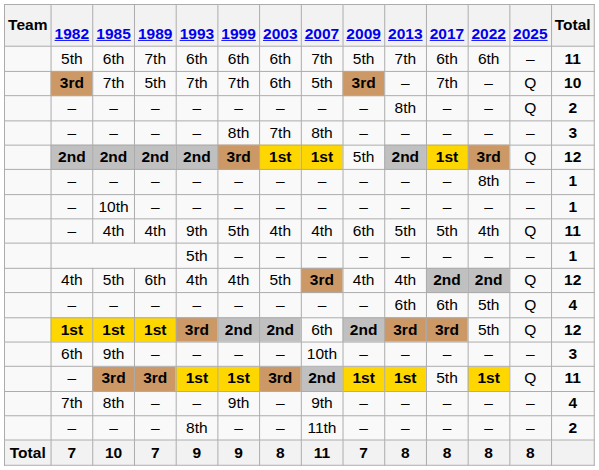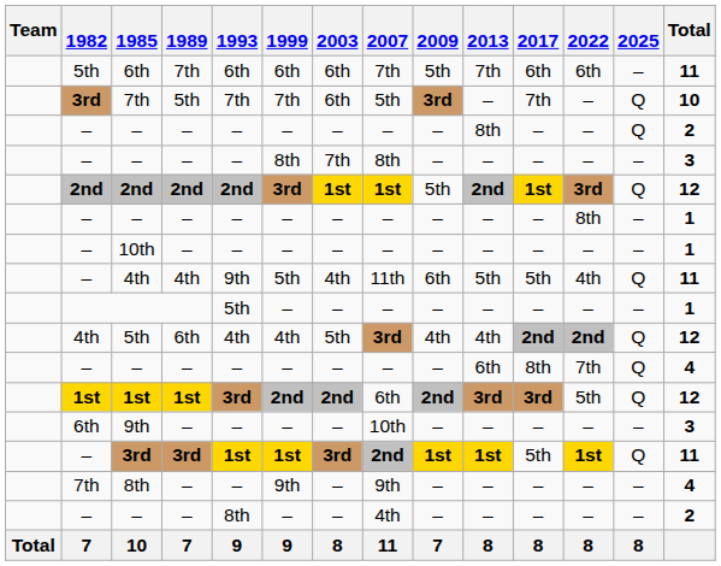 <table class="wikitable" style="text-align:center">
 <tr>
 <th>Team</th>
 <th><br><a href='#'>1982</a></th>
 <th><br><a href='#'>1985</a></th>
 <th><br><a href='#'>1989</a></th>
 <th><br><a href='#'>1993</a></th>
 <th><br><a href='#'>1999</a></th>
 <th><br><a href='#'>2003</a></th>
 <th><br><a href='#'>2007</a></th>
 <th><br><a href='#'>2009</a></th>
 <th><br><a href='#'>2013</a></th>
 <th><br><a href='#'>2017</a></th>
 <th><br><a href='#'>2022</a></th>
 <th><br><a href='#'>2025</a></th>
 <th>Total</th>
 </tr>
 <tr>
 <td align=left></td>
 <td>5th</td>
 <td>6th</td>
 <td>7th</td>
 <td>6th</td>
 <td>6th</td>
 <td>6th</td>
 <td>7th</td>
 <td>5th</td>
 <td>7th</td>
 <td>6th</td>
 <td>6th</td>
 <td>–</td>
 <td><strong>11</strong></td>
 </tr>
 <tr>
 <td align=left></td>
 <td bgcolor=cc9966><strong>3rd</strong></td>
 <td>7th</td>
 <td>5th</td>
 <td>7th</td>
 <td>7th</td>
 <td>6th</td>
 <td>5th</td>
 <td bgcolor=cc9966><strong>3rd</strong></td>
 <td>–</td>
 <td>7th</td>
 <td>–</td>
 <td>Q</td>
 <td><strong>10</strong></td>
 </tr>
 <tr>
 <td align=left></td>
 <td>–</td>
 <td>–</td>
 <td>–</td>
 <td>–</td>
 <td>–</td>
 <td>–</td>
 <td>–</td>
 <td>–</td>
 <td>8th</td>
 <td>–</td>
 <td>–</td>
 <td>Q</td>
 <td><strong>2</strong></td>
 </tr>
 <tr>
 <td align=left></td>
 <td>–</td>
 <td>–</td>
 <td>–</td>
 <td>–</td>
 <td>8th</td>
 <td>7th</td>
 <td>8th</td>
 <td>–</td>
 <td>–</td>
 <td>–</td>
 <td>–</td>
 <td>–</td>
 <td><strong>3</strong></td>
 </tr>
 <tr>
 <td align=left></td>
 <td bgcolor=silver><strong>2nd</strong></td>
 <td bgcolor=silver><strong>2nd</strong></td>
 <td bgcolor=silver><strong>2nd</strong></td>
 <td bgcolor=silver><strong>2nd</strong></td>
 <td bgcolor=cc9966><strong>3rd</strong></td>
 <td bgcolor=gold><strong>1st</strong></td>
 <td bgcolor=gold><strong>1st</strong></td>
 <td>5th</td>
 <td bgcolor=silver><strong>2nd</strong></td>
 <td bgcolor=gold><strong>1st</strong></td>
 <td bgcolor=cc9966><strong>3rd</strong></td>
 <td>Q</td>
 <td><strong>12</strong></td>
 </tr>
 <tr>
 <td align=left></td>
 <td>–</td>
 <td>–</td>
 <td>–</td>
 <td>–</td>
 <td>–</td>
 <td>–</td>
 <td>–</td>
 <td>–</td>
 <td>–</td>
 <td>–</td>
 <td>8th</td>
 <td>–</td>
 <td><strong>1</strong></td>
 </tr>
 <tr>
 <td align=left></td>
 <td>–</td>
 <td>10th</td>
 <td>–</td>
 <td>–</td>
 <td>–</td>
 <td>–</td>
 <td>–</td>
 <td>–</td>
 <td>–</td>
 <td>–</td>
 <td>–</td>
 <td>–</td>
 <td><strong>1</strong></td>
 </tr>
 <tr>
 <td align=left></td>
 <td>–</td>
 <td>4th</td>
 <td>4th</td>
 <td>9th</td>
 <td>5th</td>
 <td>4th</td>
-<td>4th</td>
+<td>11th</td>
 <td>6th</td>
 <td>5th</td>
 <td>5th</td>
 <td>4th</td>
 <td>Q</td>
 <td><strong>11</strong></td>
 </tr>
 <tr>
 <td align=left></td>
 <td colspan=3><em></em></td>
 <td>5th</td>
 <td>–</td>
 <td>–</td>
 <td>–</td>
 <td>–</td>
 <td>–</td>
 <td>–</td>
 <td>–</td>
 <td>–</td>
 <td><strong>1</strong></td>
 </tr>
 <tr>
 <td align=left></td>
 <td>4th</td>
 <td>5th</td>
 <td>6th</td>
 <td>4th</td>
 <td>4th</td>
 <td>5th</td>
 <td bgcolor=cc9966><strong>3rd</strong></td>
 <td>4th</td>
 <td>4th</td>
 <td bgcolor=silver><strong>2nd</strong></td>
 <td bgcolor=silver><strong>2nd</strong></td>
 <td>Q</td>
 <td><strong>12</strong></td>
 </tr>
 <tr>
 <td align=left></td>
 <td>–</td>
 <td>–</td>
 <td>–</td>
 <td>–</td>
 <td>–</td>
 <td>–</td>
 <td>–</td>
 <td>–</td>
 <td>6th</td>
-<td>6th</td>
-<td>5th</td>
+<td>8th</td>
+<td>7th</td>
 <td>Q</td>
 <td><strong>4</strong></td>
 </tr>
 <tr>
 <td align=left></td>
 <td bgcolor=gold><strong>1st</strong></td>
 <td bgcolor=gold><strong>1st</strong></td>
 <td bgcolor=gold><strong>1st</strong></td>
 <td bgcolor=cc9966><strong>3rd</strong></td>
 <td bgcolor=silver><strong>2nd</strong></td>
 <td bgcolor=silver><strong>2nd</strong></td>
 <td>6th</td>
 <td bgcolor=silver><strong>2nd</strong></td>
 <td bgcolor=cc9966><strong>3rd</strong></td>
 <td bgcolor=cc9966><strong>3rd</strong></td>
 <td>5th</td>
 <td>Q</td>
 <td><strong>12</strong></td>
 </tr>
 <tr>
 <td align=left></td>
 <td>6th</td>
 <td>9th</td>
 <td>–</td>
 <td>–</td>
 <td>–</td>
 <td>–</td>
 <td>10th</td>
 <td>–</td>
 <td>–</td>
 <td>–</td>
 <td>–</td>
 <td>–</td>
 <td><strong>3</strong></td>
 </tr>
 <tr>
 <td align=left></td>
 <td>–</td>
 <td bgcolor=cc9966><strong>3rd</strong></td>
 <td bgcolor=cc9966><strong>3rd</strong></td>
 <td bgcolor=gold><strong>1st</strong></td>
 <td bgcolor=gold><strong>1st</strong></td>
 <td bgcolor=cc9966><strong>3rd</strong></td>
 <td bgcolor=silver><strong>2nd</strong></td>
 <td bgcolor=gold><strong>1st</strong></td>
 <td bgcolor=gold><strong>1st</strong></td>
 <td>5th</td>
 <td bgcolor=gold><strong>1st</strong></td>
 <td>Q</td>
 <td><strong>11</strong></td>
 </tr>
 <tr>
 <td align=left></td>
 <td>7th</td>
 <td>8th</td>
 <td>–</td>
 <td>–</td>
 <td>9th</td>
 <td>–</td>
 <td>9th</td>
 <td>–</td>
 <td>–</td>
 <td>–</td>
 <td>–</td>
 <td>–</td>
 <td><strong>4</strong></td>
 </tr>
 <tr>
 <td align=left></td>
 <td>–</td>
 <td>–</td>
 <td>–</td>
 <td>8th</td>
 <td>–</td>
 <td>–</td>
-<td>11th</td>
+<td>4th</td>
 <td>–</td>
 <td>–</td>
 <td>–</td>
 <td>–</td>
 <td>–</td>
 <td><strong>2</strong></td>
 </tr>
 <tr>
 <th>Total</th>
 <th>7</th>
 <th>10</th>
 <th>7</th>
 <th>9</th>
 <th>9</th>
 <th>8</th>
 <th>11</th>
 <th>7</th>
 <th>8</th>
 <th>8</th>
 <th>8</th>
 <th>8</th>
 <th></th>
 </tr>
 </table>
